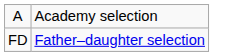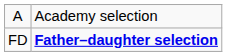 <table class=wikitable style=font-size:90%>
 <tr>
 <td align=center>A</td>
 <td>Academy selection</td>
 </tr>
 <tr>
 <td align=center>FD</td>
-<td><a href='#'>Father–daughter selection</a></td>
+<td><strong><a href='#'>Father–daughter selection</a></strong></td>
 </tr>
 </table>
